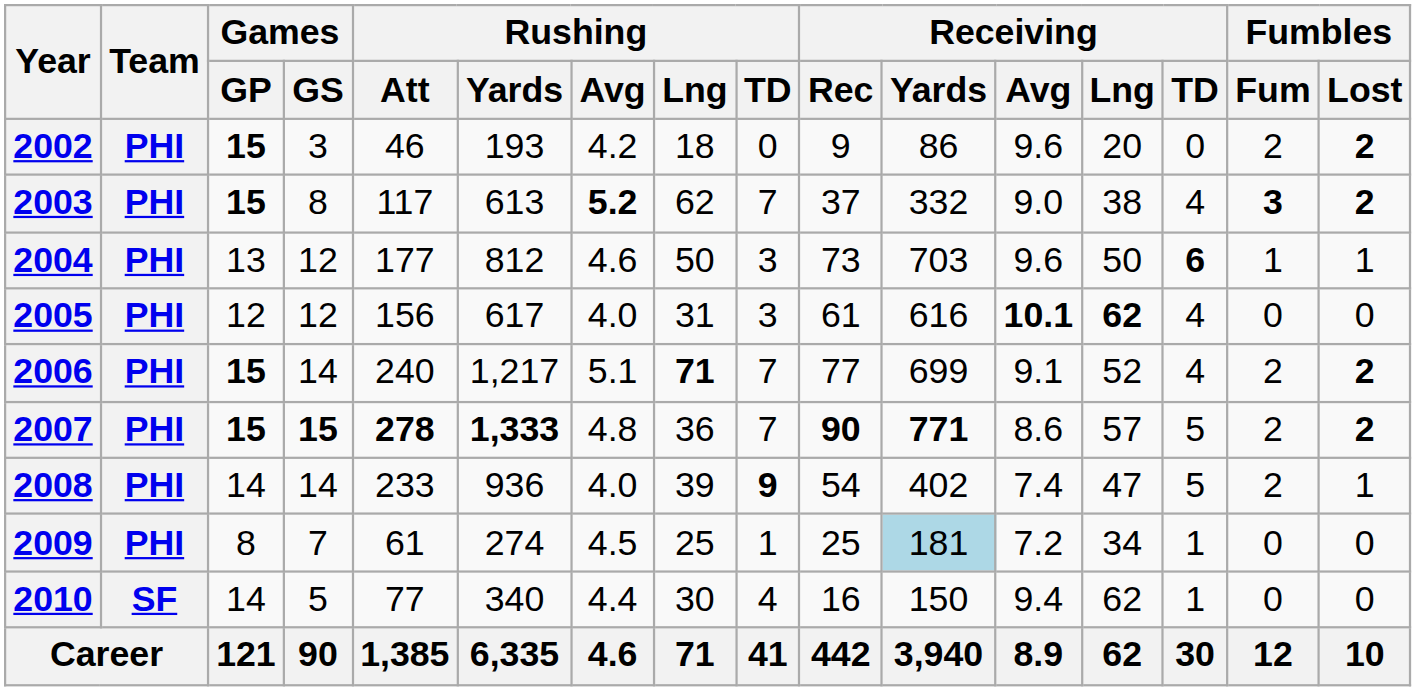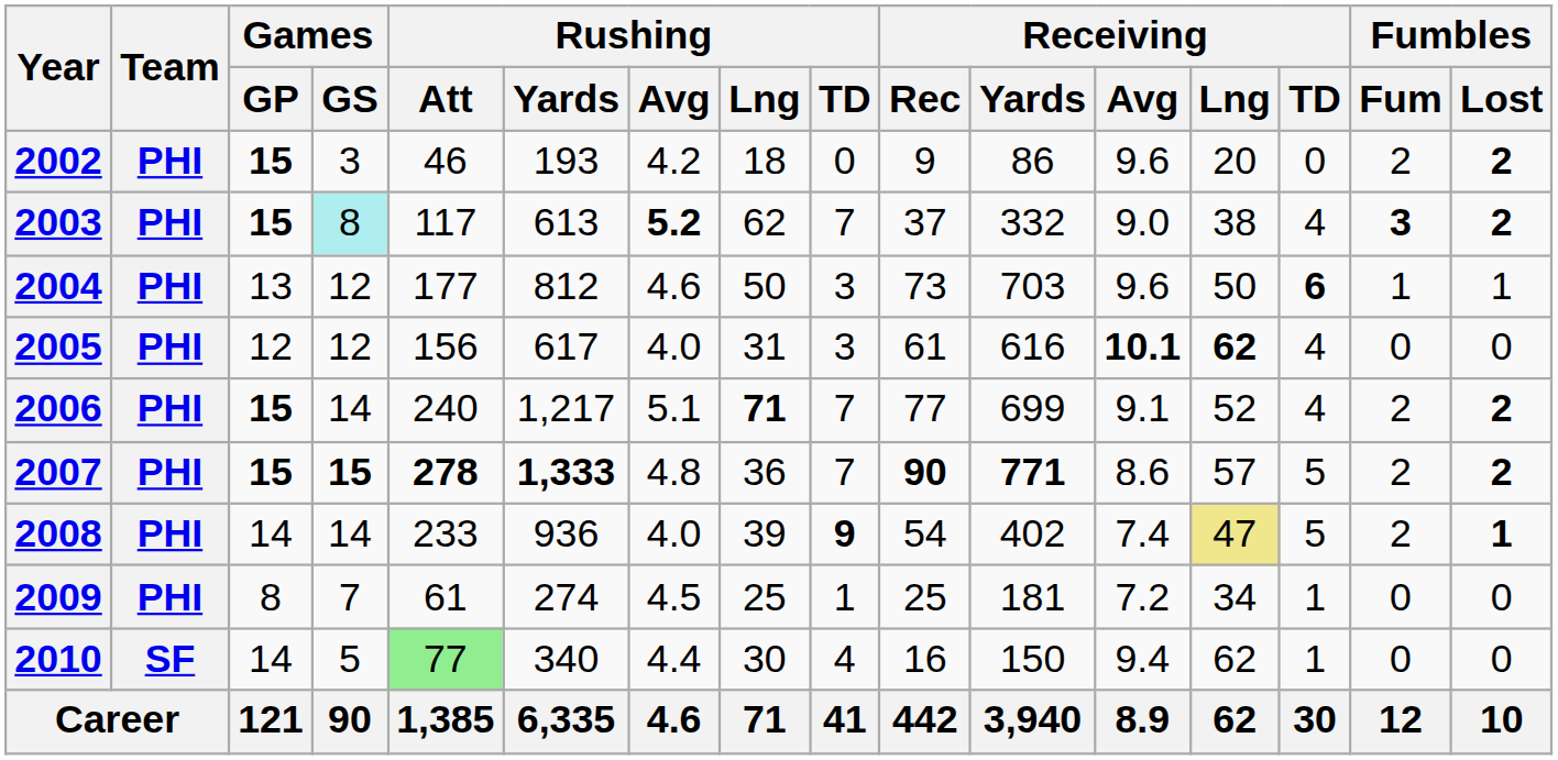 <table class="wikitable" style="text-align: center;">
 <tr>
 <th rowspan="2">Year</th>
 <th rowspan="2">Team</th>
 <th colspan="2">Games</th>
 <th colspan="5">Rushing</th>
 <th colspan="5">Receiving</th>
 <th colspan="2">Fumbles</th>
 </tr>
 <tr>
 <th>GP</th>
 <th>GS</th>
 <th>Att</th>
 <th>Yards</th>
 <th>Avg</th>
 <th>Lng</th>
 <th>TD</th>
 <th>Rec</th>
 <th>Yards</th>
 <th>Avg</th>
 <th>Lng</th>
 <th>TD</th>
 <th>Fum</th>
 <th>Lost</th>
 </tr>
 <tr>
 <th><a href='#'>2002</a></th>
 <th><a href='#'>PHI</a></th>
 <td><strong>15</strong></td>
 <td>3</td>
 <td>46</td>
 <td>193</td>
 <td>4.2</td>
 <td>18</td>
 <td>0</td>
 <td>9</td>
 <td>86</td>
 <td>9.6</td>
 <td>20</td>
 <td>0</td>
 <td>2</td>
 <td><strong>2</strong></td>
 </tr>
 <tr>
 <th><a href='#'>2003</a></th>
 <th><a href='#'>PHI</a></th>
 <td><strong>15</strong></td>
-<td>8</td>
+<td style="background: paleturquoise;">8</td>
 <td>117</td>
 <td>613</td>
 <td><strong>5.2</strong></td>
 <td>62</td>
 <td>7</td>
 <td>37</td>
 <td>332</td>
 <td>9.0</td>
 <td>38</td>
 <td>4</td>
 <td><strong>3</strong></td>
 <td><strong>2</strong></td>
 </tr>
 <tr>
 <th><a href='#'>2004</a></th>
 <th><a href='#'>PHI</a></th>
 <td>13</td>
 <td>12</td>
 <td>177</td>
 <td>812</td>
 <td>4.6</td>
 <td>50</td>
 <td>3</td>
 <td>73</td>
 <td>703</td>
 <td>9.6</td>
 <td>50</td>
 <td><strong>6</strong></td>
 <td>1</td>
 <td>1</td>
 </tr>
 <tr>
 <th><a href='#'>2005</a></th>
 <th><a href='#'>PHI</a></th>
 <td>12</td>
 <td>12</td>
 <td>156</td>
 <td>617</td>
 <td>4.0</td>
 <td>31</td>
 <td>3</td>
 <td>61</td>
 <td>616</td>
 <td><strong>10.1</strong></td>
 <td><strong>62</strong></td>
 <td>4</td>
 <td>0</td>
 <td>0</td>
 </tr>
 <tr>
 <th><a href='#'>2006</a></th>
 <th><a href='#'>PHI</a></th>
 <td><strong>15</strong></td>
 <td>14</td>
 <td>240</td>
 <td>1,217</td>
 <td>5.1</td>
 <td><strong>71</strong></td>
 <td>7</td>
 <td>77</td>
 <td>699</td>
 <td>9.1</td>
 <td>52</td>
 <td>4</td>
 <td>2</td>
 <td><strong>2</strong></td>
 </tr>
 <tr>
 <th><a href='#'>2007</a></th>
 <th><a href='#'>PHI</a></th>
 <td><strong>15</strong></td>
 <td><strong>15</strong></td>
 <td><strong>278</strong></td>
 <td><strong>1,333</strong></td>
 <td>4.8</td>
 <td>36</td>
 <td>7</td>
 <td><strong>90</strong></td>
 <td><strong>771</strong></td>
 <td>8.6</td>
 <td>57</td>
 <td>5</td>
 <td>2</td>
 <td><strong>2</strong></td>
 </tr>
 <tr>
 <th><a href='#'>2008</a></th>
 <th><a href='#'>PHI</a></th>
 <td>14</td>
 <td>14</td>
 <td>233</td>
 <td>936</td>
 <td>4.0</td>
 <td>39</td>
 <td><strong>9</strong></td>
 <td>54</td>
 <td>402</td>
 <td>7.4</td>
-<td>47</td>
+<td style="background: khaki;">47</td>
 <td>5</td>
 <td>2</td>
-<td>1</td>
+<td><strong>1</strong></td>
 </tr>
 <tr>
 <th><a href='#'>2009</a></th>
 <th><a href='#'>PHI</a></th>
 <td>8</td>
 <td>7</td>
 <td>61</td>
 <td>274</td>
 <td>4.5</td>
 <td>25</td>
 <td>1</td>
 <td>25</td>
-<td style="background: lightblue;">181</td>
+<td>181</td>
 <td>7.2</td>
 <td>34</td>
 <td>1</td>
 <td>0</td>
 <td>0</td>
 </tr>
 <tr>
 <th><a href='#'>2010</a></th>
 <th><a href='#'>SF</a></th>
 <td>14</td>
 <td>5</td>
-<td>77</td>
+<td style="background: lightgreen;">77</td>
 <td>340</td>
 <td>4.4</td>
 <td>30</td>
 <td>4</td>
 <td>16</td>
 <td>150</td>
 <td>9.4</td>
 <td>62</td>
 <td>1</td>
 <td>0</td>
 <td>0</td>
 </tr>
 <tr>
 <th colspan="2">Career</th>
 <th>121</th>
 <th>90</th>
 <th>1,385</th>
 <th>6,335</th>
 <th>4.6</th>
 <th>71</th>
 <th>41</th>
 <th>442</th>
 <th>3,940</th>
 <th>8.9</th>
 <th>62</th>
 <th>30</th>
 <th>12</th>
 <th>10</th>
 </tr>
 </table>
